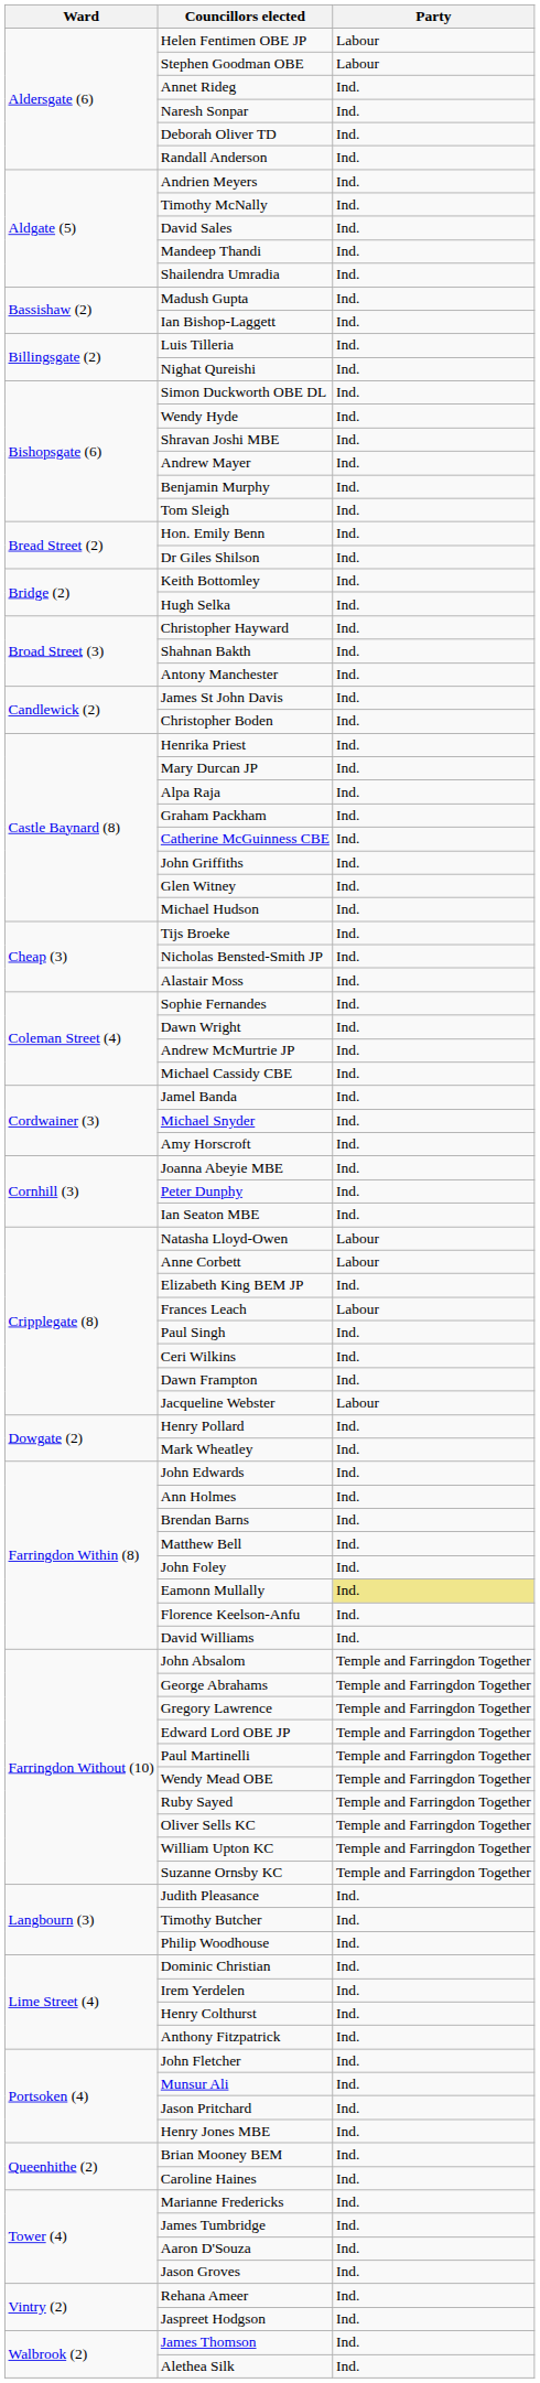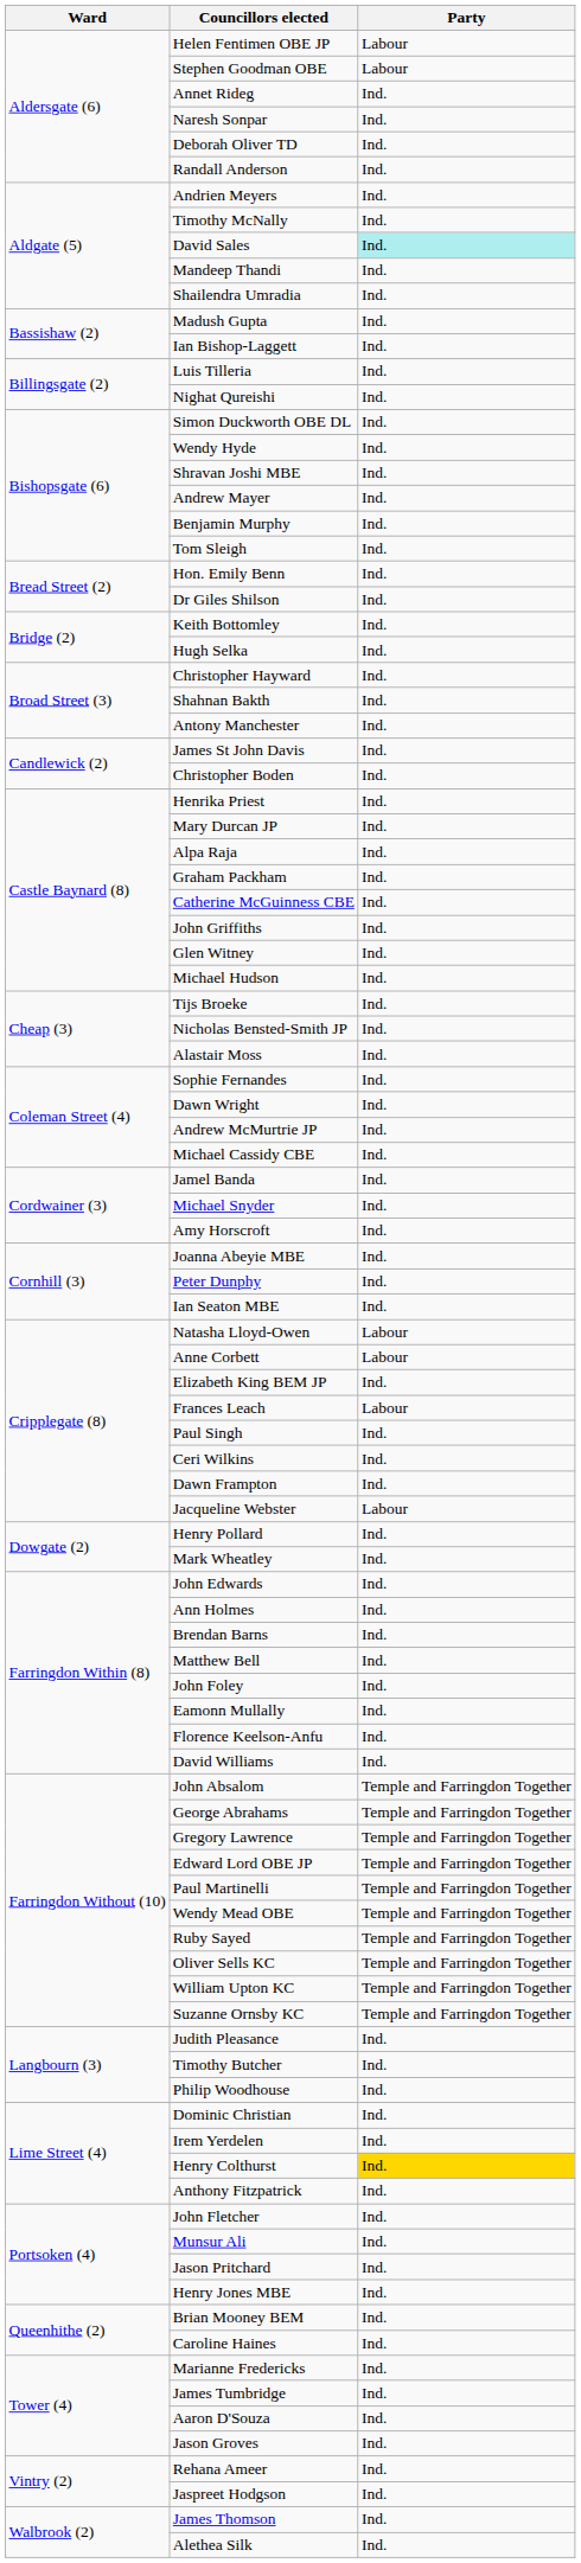 <table class="wikitable">
 <tr>
 <th>Ward</th>
 <th>Councillors elected</th>
 <th colspan=2>Party</th>
 </tr>
 <tr>
 <td rowspan="6"><a href='#'>Aldersgate</a> (6)</td>
 <td>Helen Fentimen OBE JP</td>
 <td>Labour</td>
 </tr>
 <tr>
 <td>Stephen Goodman OBE</td>
 <td>Labour</td>
 </tr>
 <tr>
 <td>Annet Rideg</td>
 <td>Ind.</td>
 </tr>
 <tr>
 <td>Naresh Sonpar</td>
 <td>Ind.</td>
 </tr>
 <tr>
 <td>Deborah Oliver TD</td>
 <td>Ind.</td>
 </tr>
 <tr>
 <td>Randall Anderson</td>
 <td>Ind.</td>
 </tr>
 <tr>
 <td rowspan="5"><a href='#'>Aldgate</a> (5)</td>
 <td>Andrien Meyers</td>
 <td>Ind.</td>
 </tr>
 <tr>
 <td>Timothy McNally</td>
 <td>Ind.</td>
 </tr>
 <tr>
 <td>David Sales</td>
-<td>Ind.</td>
+<td style="background: paleturquoise;">Ind.</td>
 </tr>
 <tr>
 <td>Mandeep Thandi</td>
 <td>Ind.</td>
 </tr>
 <tr>
 <td>Shailendra Umradia</td>
 <td>Ind.</td>
 </tr>
 <tr>
 <td rowspan="2"><a href='#'>Bassishaw</a> (2)</td>
 <td>Madush Gupta</td>
 <td>Ind.</td>
 </tr>
 <tr>
 <td>Ian Bishop-Laggett</td>
 <td>Ind.</td>
 </tr>
 <tr>
 <td rowspan="2"><a href='#'>Billingsgate</a> (2)</td>
 <td>Luis Tilleria</td>
 <td>Ind.</td>
 </tr>
 <tr>
 <td>Nighat Qureishi</td>
 <td>Ind.</td>
 </tr>
 <tr>
 <td rowspan="6"><a href='#'>Bishopsgate</a> (6)</td>
 <td>Simon Duckworth OBE DL</td>
 <td>Ind.</td>
 </tr>
 <tr>
 <td>Wendy Hyde</td>
 <td>Ind.</td>
 </tr>
 <tr>
 <td>Shravan Joshi MBE</td>
 <td>Ind.</td>
 </tr>
 <tr>
 <td>Andrew Mayer</td>
 <td>Ind.</td>
 </tr>
 <tr>
 <td>Benjamin Murphy</td>
 <td>Ind.</td>
 </tr>
 <tr>
 <td>Tom Sleigh</td>
 <td>Ind.</td>
 </tr>
 <tr>
 <td rowspan="2"><a href='#'>Bread Street</a> (2)</td>
 <td>Hon. Emily Benn</td>
 <td>Ind.</td>
 </tr>
 <tr>
 <td>Dr Giles Shilson</td>
 <td>Ind.</td>
 </tr>
 <tr>
 <td rowspan="2"><a href='#'>Bridge</a> (2)</td>
 <td>Keith Bottomley</td>
 <td>Ind.</td>
 </tr>
 <tr>
 <td>Hugh Selka</td>
 <td>Ind.</td>
 </tr>
 <tr>
 <td rowspan="3"><a href='#'>Broad Street</a> (3)</td>
 <td>Christopher Hayward</td>
 <td>Ind.</td>
 </tr>
 <tr>
 <td>Shahnan Bakth</td>
 <td>Ind.</td>
 </tr>
 <tr>
 <td>Antony Manchester</td>
 <td>Ind.</td>
 </tr>
 <tr>
 <td rowspan="2"><a href='#'>Candlewick</a> (2)</td>
 <td>James St John Davis</td>
 <td>Ind.</td>
 </tr>
 <tr>
 <td>Christopher Boden</td>
 <td>Ind.</td>
 </tr>
 <tr>
 <td rowspan="8"><a href='#'>Castle Baynard</a> (8)</td>
 <td>Henrika Priest</td>
 <td>Ind.</td>
 </tr>
 <tr>
 <td>Mary Durcan JP</td>
 <td>Ind.</td>
 </tr>
 <tr>
 <td>Alpa Raja</td>
 <td>Ind.</td>
 </tr>
 <tr>
 <td>Graham Packham</td>
 <td>Ind.</td>
 </tr>
 <tr>
 <td><a href='#'>Catherine McGuinness CBE</a></td>
 <td>Ind.</td>
 </tr>
 <tr>
 <td>John Griffiths</td>
 <td>Ind.</td>
 </tr>
 <tr>
 <td>Glen Witney</td>
 <td>Ind.</td>
 </tr>
 <tr>
 <td>Michael Hudson</td>
 <td>Ind.</td>
 </tr>
 <tr>
 <td rowspan="3"><a href='#'>Cheap</a> (3)</td>
 <td>Tijs Broeke</td>
 <td>Ind.</td>
 </tr>
 <tr>
 <td>Nicholas Bensted-Smith JP</td>
 <td>Ind.</td>
 </tr>
 <tr>
 <td>Alastair Moss</td>
 <td>Ind.</td>
 </tr>
 <tr>
 <td rowspan="4"><a href='#'>Coleman Street</a> (4)</td>
 <td>Sophie Fernandes</td>
 <td>Ind.</td>
 </tr>
 <tr>
 <td>Dawn Wright</td>
 <td>Ind.</td>
 </tr>
 <tr>
 <td>Andrew McMurtrie JP</td>
 <td>Ind.</td>
 </tr>
 <tr>
 <td>Michael Cassidy CBE</td>
 <td>Ind.</td>
 </tr>
 <tr>
 <td rowspan="3"><a href='#'>Cordwainer</a> (3)</td>
 <td>Jamel Banda</td>
 <td>Ind.</td>
 </tr>
 <tr>
 <td><a href='#'>Michael Snyder</a></td>
 <td>Ind.</td>
 </tr>
 <tr>
 <td>Amy Horscroft</td>
 <td>Ind.</td>
 </tr>
 <tr>
 <td rowspan="3"><a href='#'>Cornhill</a> (3)</td>
 <td>Joanna Abeyie MBE</td>
 <td>Ind.</td>
 </tr>
 <tr>
 <td><a href='#'>Peter Dunphy</a></td>
 <td>Ind.</td>
 </tr>
 <tr>
 <td>Ian Seaton MBE</td>
 <td>Ind.</td>
 </tr>
 <tr>
 <td rowspan="8"><a href='#'>Cripplegate</a> (8)</td>
 <td>Natasha Lloyd-Owen</td>
 <td>Labour</td>
 </tr>
 <tr>
 <td>Anne Corbett</td>
 <td>Labour</td>
 </tr>
 <tr>
 <td>Elizabeth King BEM JP</td>
 <td>Ind.</td>
 </tr>
 <tr>
 <td>Frances Leach</td>
 <td>Labour</td>
 </tr>
 <tr>
 <td>Paul Singh</td>
 <td>Ind.</td>
 </tr>
 <tr>
 <td>Ceri Wilkins</td>
 <td>Ind.</td>
 </tr>
 <tr>
 <td>Dawn Frampton</td>
 <td>Ind.</td>
 </tr>
 <tr>
 <td>Jacqueline Webster</td>
 <td>Labour</td>
 </tr>
 <tr>
 <td rowspan="2"><a href='#'>Dowgate</a> (2)</td>
 <td>Henry Pollard</td>
 <td>Ind.</td>
 </tr>
 <tr>
 <td>Mark Wheatley</td>
 <td>Ind.</td>
 </tr>
 <tr>
 <td rowspan="8"><a href='#'>Farringdon Within</a> (8)</td>
 <td>John Edwards</td>
 <td>Ind.</td>
 </tr>
 <tr>
 <td>Ann Holmes</td>
 <td>Ind.</td>
 </tr>
 <tr>
 <td>Brendan Barns</td>
 <td>Ind.</td>
 </tr>
 <tr>
 <td>Matthew Bell</td>
 <td>Ind.</td>
 </tr>
 <tr>
 <td>John Foley</td>
 <td>Ind.</td>
 </tr>
 <tr>
 <td>Eamonn Mullally</td>
-<td style="background: khaki;">Ind.</td>
+<td>Ind.</td>
 </tr>
 <tr>
 <td>Florence Keelson-Anfu</td>
 <td>Ind.</td>
 </tr>
 <tr>
 <td>David Williams</td>
 <td>Ind.</td>
 </tr>
 <tr>
 <td rowspan="10"><a href='#'>Farringdon Without</a> (10)</td>
 <td>John Absalom</td>
 <td>Temple and Farringdon Together</td>
 </tr>
 <tr>
 <td>George Abrahams</td>
 <td>Temple and Farringdon Together</td>
 </tr>
 <tr>
 <td>Gregory Lawrence</td>
 <td>Temple and Farringdon Together</td>
 </tr>
 <tr>
 <td>Edward Lord OBE JP</td>
 <td>Temple and Farringdon Together</td>
 </tr>
 <tr>
 <td>Paul Martinelli</td>
 <td>Temple and Farringdon Together</td>
 </tr>
 <tr>
 <td>Wendy Mead OBE</td>
 <td>Temple and Farringdon Together</td>
 </tr>
 <tr>
 <td>Ruby Sayed</td>
 <td>Temple and Farringdon Together</td>
 </tr>
 <tr>
 <td>Oliver Sells KC</td>
 <td>Temple and Farringdon Together</td>
 </tr>
 <tr>
 <td>William Upton KC</td>
 <td>Temple and Farringdon Together</td>
 </tr>
 <tr>
 <td>Suzanne Ornsby KC</td>
 <td>Temple and Farringdon Together</td>
 </tr>
 <tr>
 <td rowspan="3"><a href='#'>Langbourn</a> (3)</td>
 <td>Judith Pleasance</td>
 <td>Ind.</td>
 </tr>
 <tr>
 <td>Timothy Butcher</td>
 <td>Ind.</td>
 </tr>
 <tr>
 <td>Philip Woodhouse</td>
 <td>Ind.</td>
 </tr>
 <tr>
 <td rowspan="4"><a href='#'>Lime Street</a> (4)</td>
 <td>Dominic Christian</td>
 <td>Ind.</td>
 </tr>
 <tr>
 <td>Irem Yerdelen</td>
 <td>Ind.</td>
 </tr>
 <tr>
 <td>Henry Colthurst</td>
-<td>Ind.</td>
+<td style="background: gold;">Ind.</td>
 </tr>
 <tr>
 <td>Anthony Fitzpatrick</td>
 <td>Ind.</td>
 </tr>
 <tr>
 <td rowspan="4"><a href='#'>Portsoken</a> (4)</td>
 <td>John Fletcher</td>
 <td>Ind.</td>
 </tr>
 <tr>
 <td><a href='#'>Munsur Ali</a></td>
 <td>Ind.</td>
 </tr>
 <tr>
 <td>Jason Pritchard</td>
 <td>Ind.</td>
 </tr>
 <tr>
 <td>Henry Jones MBE</td>
 <td>Ind.</td>
 </tr>
 <tr>
 <td rowspan="2"><a href='#'>Queenhithe</a> (2)</td>
 <td>Brian Mooney BEM</td>
 <td>Ind.</td>
 </tr>
 <tr>
 <td>Caroline Haines</td>
 <td>Ind.</td>
 </tr>
 <tr>
 <td rowspan="4"><a href='#'>Tower</a> (4)</td>
 <td>Marianne Fredericks</td>
 <td>Ind.</td>
 </tr>
 <tr>
 <td>James Tumbridge</td>
 <td>Ind.</td>
 </tr>
 <tr>
 <td>Aaron D'Souza</td>
 <td>Ind.</td>
 </tr>
 <tr>
 <td>Jason Groves</td>
 <td>Ind.</td>
 </tr>
 <tr>
 <td rowspan="2"><a href='#'>Vintry</a> (2)</td>
 <td>Rehana Ameer</td>
 <td>Ind.</td>
 </tr>
 <tr>
 <td>Jaspreet Hodgson</td>
 <td>Ind.</td>
 </tr>
 <tr>
 <td rowspan="2"><a href='#'>Walbrook</a> (2)</td>
 <td><a href='#'>James Thomson</a></td>
 <td>Ind.</td>
 </tr>
 <tr>
 <td>Alethea Silk</td>
 <td>Ind.</td>
 </tr>
 </table>
